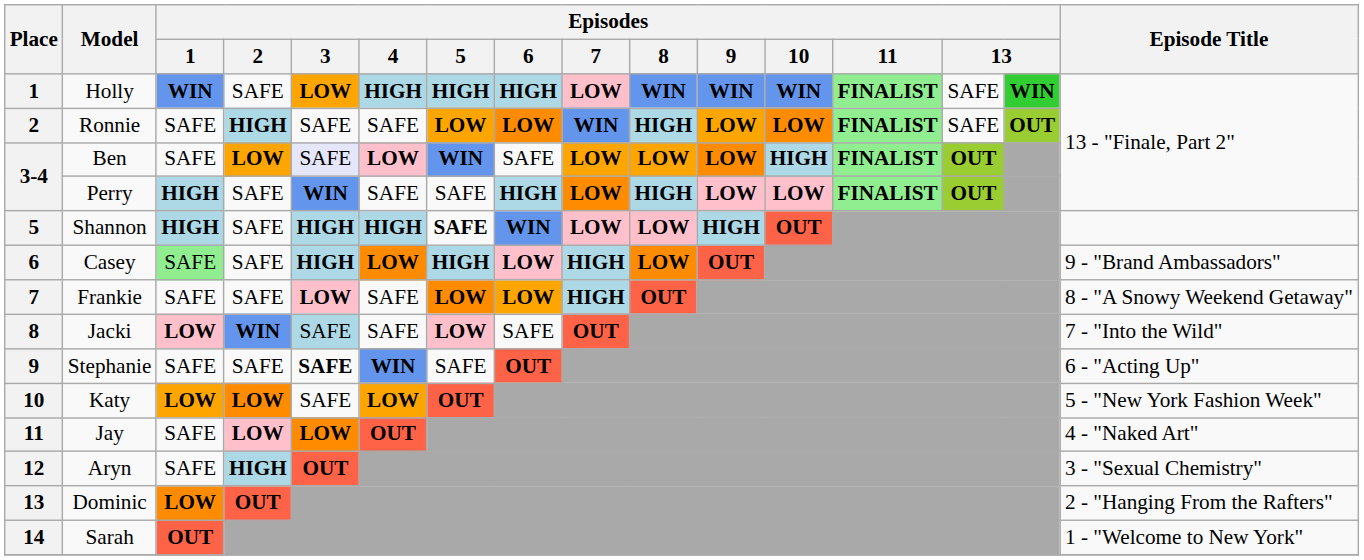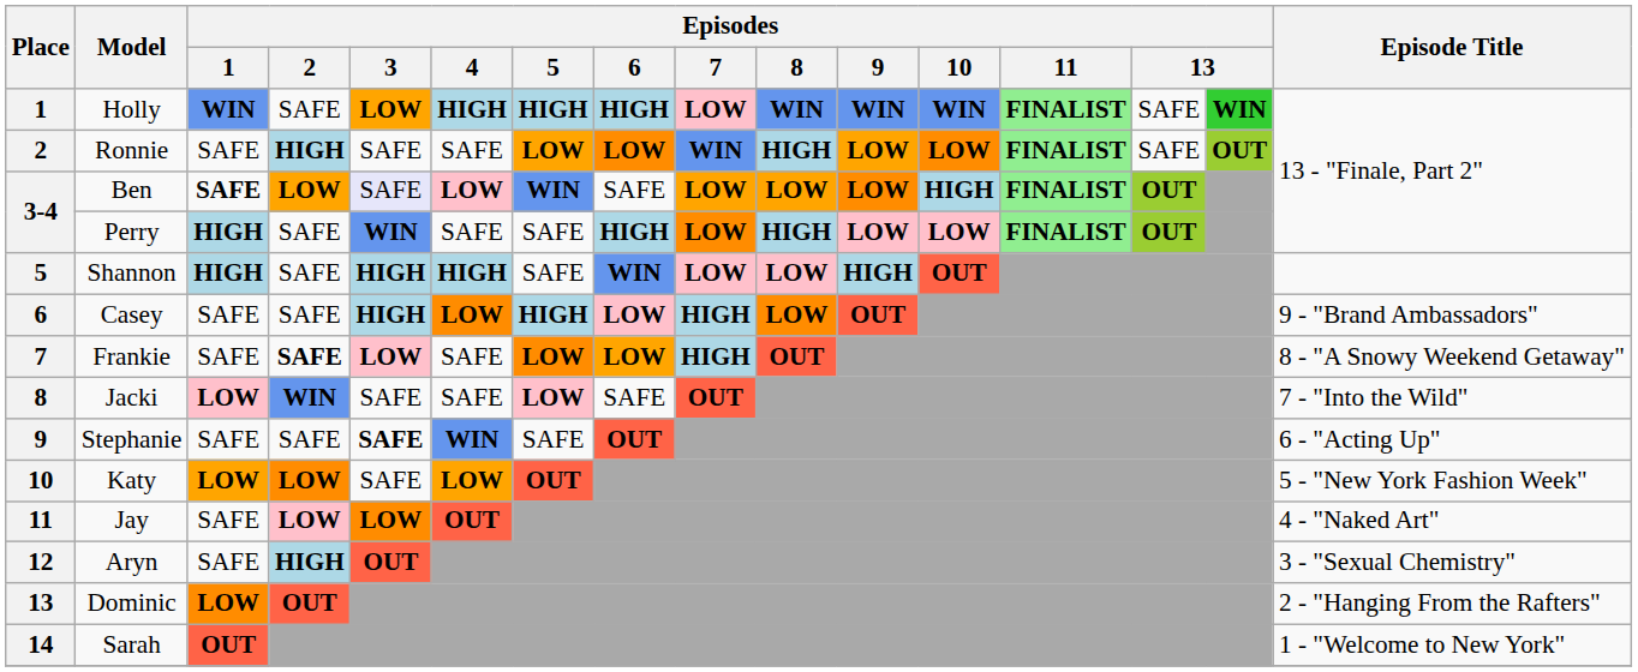 <table class="wikitable" style="text-align:center; font-size:92%">
 <tr>
 <th rowspan="2">Place</th>
 <th rowspan="2">Model</th>
 <th colspan="13">Episodes</th>
 <th rowspan="2">Episode Title</th>
 </tr>
 <tr>
 <th>1</th>
 <th>2</th>
 <th>3</th>
 <th>4</th>
 <th>5</th>
 <th>6</th>
 <th>7</th>
 <th>8</th>
 <th>9</th>
 <th>10</th>
 <th>11</th>
 <th colspan=2>13</th>
 </tr>
 <tr>
 <th>1</th>
 <td>Holly</td>
 <td style="background:cornflowerblue;"><strong>WIN</strong></td>
 <td>SAFE</td>
 <td style="background:orange;"><strong>LOW</strong></td>
 <td style="background:lightblue;"><strong>HIGH</strong></td>
 <td style="background:lightblue;"><strong>HIGH</strong></td>
 <td style="background:lightblue;"><strong>HIGH</strong></td>
 <td style="background:pink;"><strong>LOW</strong></td>
 <td style="background:cornflowerblue;"><strong>WIN</strong></td>
 <td style="background:cornflowerblue;"><strong>WIN</strong></td>
 <td style="background:cornflowerblue;"><strong>WIN</strong></td>
 <td style="background:lightgreen;"><strong>FINALIST</strong></td>
 <td>SAFE</td>
 <td style="background:limegreen;"><strong>WIN</strong></td>
 <td rowspan=4 align ="left">13 - "Finale, Part 2"</td>
 </tr>
 <tr>
 <th>2</th>
 <td>Ronnie</td>
 <td>SAFE</td>
 <td style="background:lightblue;"><strong>HIGH</strong></td>
 <td>SAFE</td>
 <td>SAFE</td>
 <td style="background:orange;"><strong>LOW</strong></td>
 <td style="background:darkorange;"><strong>LOW</strong></td>
 <td style="background:cornflowerblue;"><strong>WIN</strong></td>
 <td style="background:lightblue;"><strong>HIGH</strong></td>
 <td style="background:orange;"><strong>LOW</strong></td>
 <td style="background:darkorange;"><strong>LOW</strong></td>
 <td style="background:lightgreen;"><strong>FINALIST</strong></td>
 <td>SAFE</td>
 <td style="background:yellowgreen;"><strong>OUT</strong></td>
 </tr>
 <tr>
 <th rowspan=2>3-4</th>
 <td>Ben</td>
-<td>SAFE</td>
+<td><strong>SAFE</strong></td>
 <td style="background:orange;"><strong>LOW</strong></td>
 <td style="background: lavender;">SAFE</td>
 <td style="background:pink;"><strong>LOW</strong></td>
 <td style="background:cornflowerblue;"><strong>WIN</strong></td>
 <td>SAFE</td>
 <td style="background:orange;"><strong>LOW</strong></td>
 <td style="background:orange;"><strong>LOW</strong></td>
 <td style="background:darkorange;"><strong>LOW</strong></td>
 <td style="background:lightblue;"><strong>HIGH</strong></td>
 <td style="background:lightgreen;"><strong>FINALIST</strong></td>
 <td style="background:yellowgreen;"><strong>OUT</strong></td>
 <td style="background:darkgray;" colspan="1"></td>
 </tr>
 <tr>
 <td>Perry</td>
 <td style="background:lightblue;"><strong>HIGH</strong></td>
 <td>SAFE</td>
 <td style="background:cornflowerblue;"><strong>WIN</strong></td>
 <td>SAFE</td>
 <td>SAFE</td>
 <td style="background:lightblue;"><strong>HIGH</strong></td>
 <td style="background:darkorange;"><strong>LOW</strong></td>
 <td style="background:lightblue;"><strong>HIGH</strong></td>
 <td style="background:pink;"><strong>LOW</strong></td>
 <td style="background:pink;"><strong>LOW</strong></td>
 <td style="background:lightgreen;"><strong>FINALIST</strong></td>
 <td style="background:yellowgreen;"><strong>OUT</strong></td>
 <td style="background:darkgray;" colspan="1"></td>
 </tr>
 <tr>
 <th>5</th>
 <td>Shannon</td>
 <td style="background:lightblue;"><strong>HIGH</strong></td>
 <td>SAFE</td>
 <td style="background:lightblue;"><strong>HIGH</strong></td>
 <td style="background:lightblue;"><strong>HIGH</strong></td>
-<td><strong>SAFE</strong></td>
+<td>SAFE</td>
 <td style="background:cornflowerblue;"><strong>WIN</strong></td>
 <td style="background:pink;"><strong>LOW</strong></td>
 <td style="background:pink;"><strong>LOW</strong></td>
 <td style="background:lightblue;"><strong>HIGH</strong></td>
 <td style="background:tomato;"><strong>OUT</strong></td>
 <td style="background:darkgray;" colspan="3"></td>
 <td align="left"></td>
 </tr>
 <tr>
 <th>6</th>
 <td>Casey</td>
-<td style="background: lightgreen;">SAFE</td>
+<td>SAFE</td>
 <td>SAFE</td>
 <td style="background:lightblue;"><strong>HIGH</strong></td>
 <td style="background:darkorange;"><strong>LOW</strong></td>
 <td style="background:lightblue;"><strong>HIGH</strong></td>
 <td style="background:pink;"><strong>LOW</strong></td>
 <td style="background:lightblue;"><strong>HIGH</strong></td>
 <td style="background:darkorange;"><strong>LOW</strong></td>
 <td style="background:tomato;"><strong>OUT</strong></td>
 <td style="background:darkgray;" colspan="4"></td>
 <td align="left">9 - "Brand Ambassadors"</td>
 </tr>
 <tr>
 <th>7</th>
 <td>Frankie</td>
 <td>SAFE</td>
-<td>SAFE</td>
+<td><strong>SAFE</strong></td>
 <td style="background:pink;"><strong>LOW</strong></td>
 <td>SAFE</td>
 <td style="background:darkorange;"><strong>LOW</strong></td>
 <td style="background:orange;"><strong>LOW</strong></td>
 <td style="background:lightblue;"><strong>HIGH </strong></td>
 <td style="background:tomato;"><strong>OUT</strong></td>
 <td style="background:darkgray;" colspan="5"></td>
 <td align="left">8 - "A Snowy Weekend Getaway"</td>
 </tr>
 <tr>
 <th>8</th>
 <td>Jacki</td>
 <td style="background:pink;"><strong>LOW</strong></td>
 <td style="background:cornflowerblue;"><strong>WIN</strong></td>
-<td style="background: lightblue;">SAFE</td>
+<td>SAFE</td>
 <td>SAFE</td>
 <td style="background:pink;"><strong>LOW</strong></td>
 <td>SAFE</td>
 <td style="background:tomato;"><strong>OUT</strong></td>
 <td style="background:darkgray;" colspan="6"></td>
 <td align="left">7 - "Into the Wild"</td>
 </tr>
 <tr>
 <th>9</th>
 <td>Stephanie</td>
 <td>SAFE</td>
 <td>SAFE</td>
 <td><strong>SAFE</strong></td>
 <td style="background:cornflowerblue;"><strong>WIN</strong></td>
 <td>SAFE</td>
 <td style="background:tomato;"><strong>OUT</strong></td>
 <td style="background:darkgray;" colspan="7"></td>
 <td align="left">6 - "Acting Up"</td>
 </tr>
 <tr>
 <th>10</th>
 <td>Katy</td>
 <td style="background:orange;"><strong>LOW</strong></td>
 <td style="background:darkorange;"><strong>LOW</strong></td>
 <td>SAFE</td>
 <td style="background:orange;"><strong>LOW</strong></td>
 <td style="background:tomato;"><strong>OUT</strong></td>
 <td style="background:darkgray;" colspan="8"></td>
 <td align="left">5 - "New York Fashion Week"</td>
 </tr>
 <tr>
 <th>11</th>
 <td>Jay</td>
 <td>SAFE</td>
 <td style="background:pink;"><strong>LOW</strong></td>
 <td style="background:darkorange;"><strong>LOW</strong></td>
 <td style="background:tomato;"><strong>OUT</strong></td>
 <td style="background:darkgray;" colspan="9"></td>
 <td align="left">4 - "Naked Art"</td>
 </tr>
 <tr>
 <th>12</th>
 <td>Aryn</td>
 <td>SAFE</td>
 <td style="background:lightblue;"><strong>HIGH</strong></td>
 <td style="background:tomato;"><strong>OUT</strong></td>
 <td style="background:darkgray;" colspan="10"></td>
 <td align="left">3 - "Sexual Chemistry"</td>
 </tr>
 <tr>
 <th>13</th>
 <td>Dominic</td>
 <td style="background:darkorange;"><strong>LOW</strong></td>
 <td style="background:tomato;"><strong>OUT</strong></td>
 <td style="background:darkgray;" colspan="11"></td>
 <td align="left">2 - "Hanging From the Rafters"</td>
 </tr>
 <tr>
 <th>14</th>
 <td>Sarah</td>
 <td style="background:tomato;"><strong>OUT</strong></td>
 <td style="background:darkgray;" colspan="12"></td>
 <td align ="left">1 - "Welcome to New York"</td>
 </tr>
 <tr>
 </tr>
 </table>
